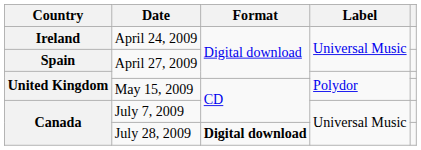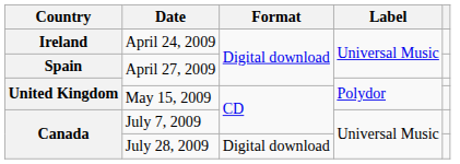 <table class="wikitable plainrowheaders">
 <tr>
 <th scope="col">Country</th>
 <th scope="col">Date</th>
 <th scope="col">Format</th>
 <th scope="col">Label</th>
 <th scope="col"></th>
 </tr>
 <tr>
 <th scope="row">Ireland</th>
 <td>April 24, 2009</td>
 <td rowspan="3"><a href='#'>Digital download</a></td>
 <td rowspan="2"><a href='#'>Universal Music</a></td>
 <td></td>
 </tr>
 <tr>
 <th scope="row">Spain</th>
 <td rowspan="2">April 27, 2009</td>
 <td></td>
 </tr>
 <tr>
 <th scope="row" rowspan="2">United Kingdom</th>
 <td rowspan="2"><a href='#'>Polydor</a></td>
 <td></td>
 </tr>
 <tr>
 <td>May 15, 2009</td>
 <td rowspan="2"><a href='#'>CD</a></td>
 <td></td>
 </tr>
 <tr>
 <th scope="row" rowspan="2">Canada</th>
 <td>July 7, 2009</td>
 <td rowspan="2">Universal Music</td>
 <td></td>
 </tr>
 <tr>
 <td>July 28, 2009</td>
-<td><strong>Digital download</strong></td>
+<td>Digital download</td>
 <td></td>
 </tr>
 </table>
